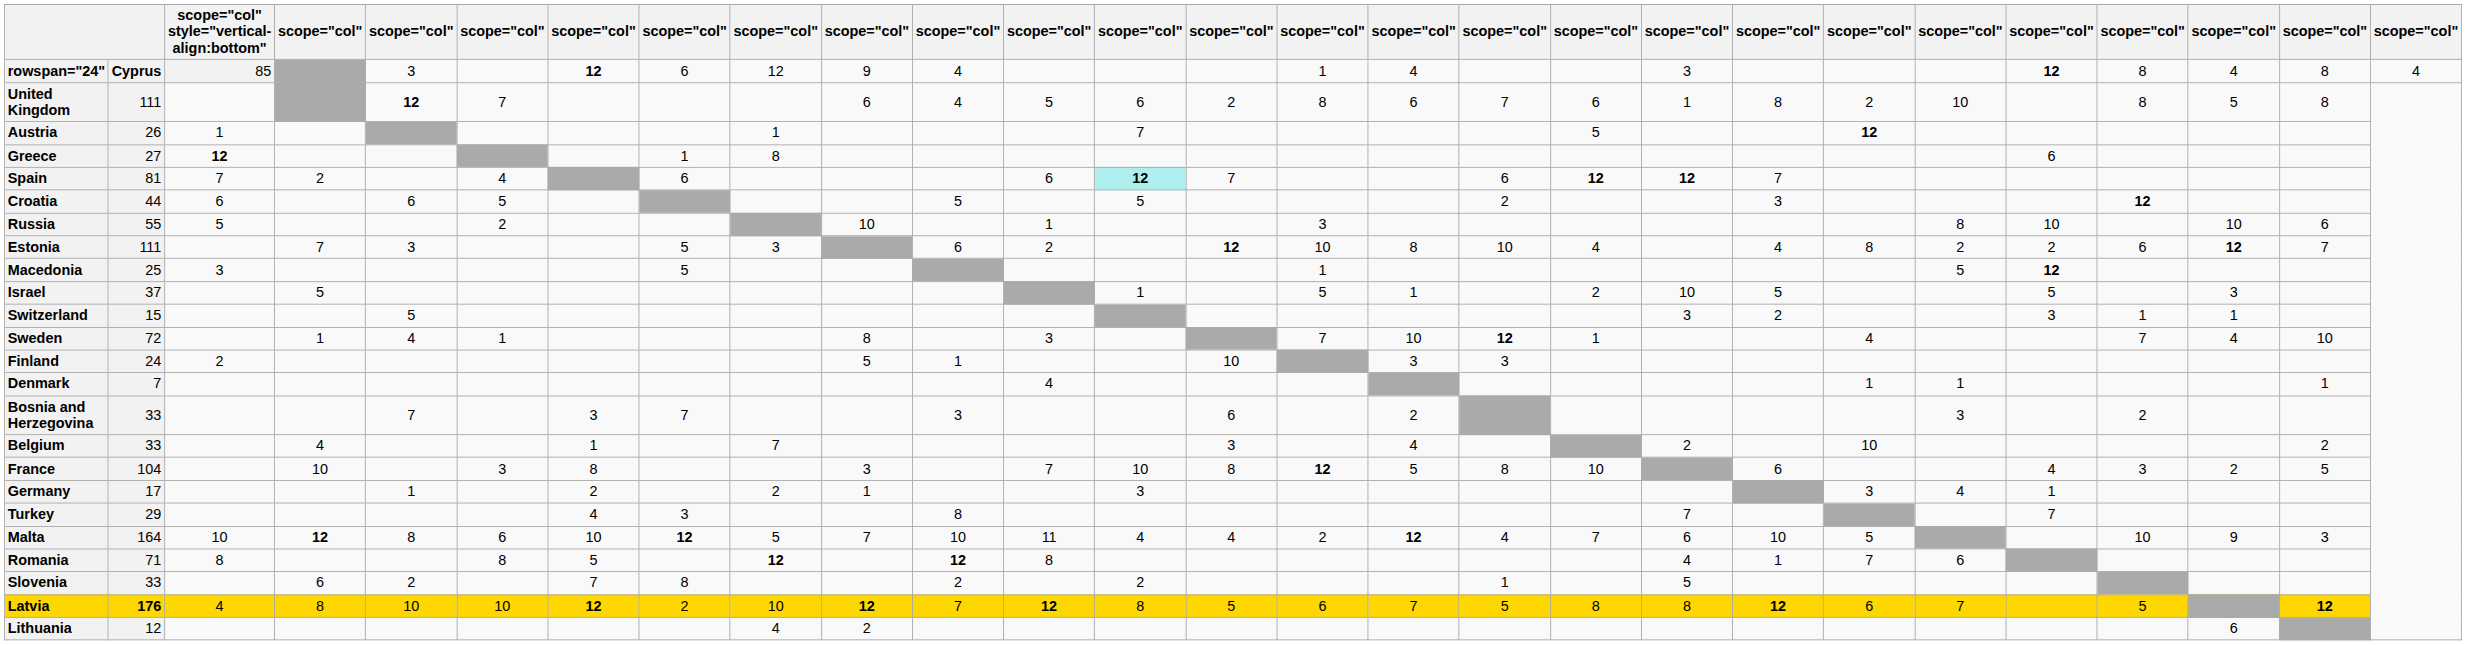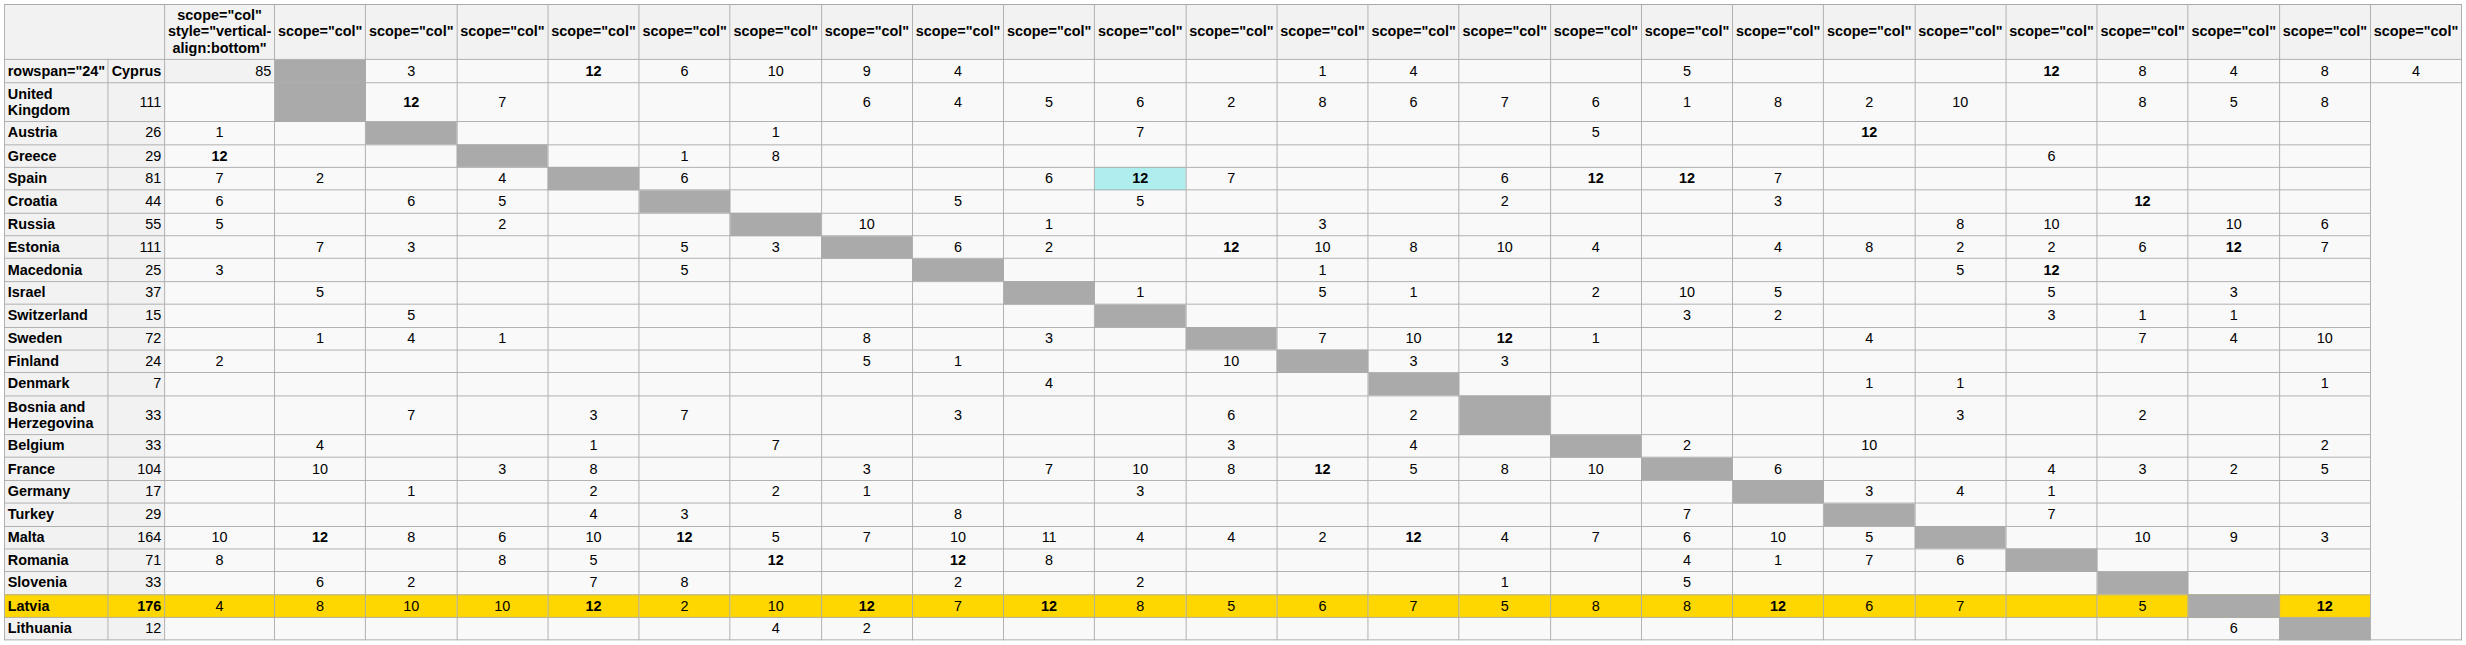 <table class="wikitable plainrowheaders" style="text-align:center;">
 <tr>
 </tr>
 <tr>
 <th colspan="2"></th>
 <th>scope="col" style="vertical-align:bottom" </th>
 <th>scope="col" </th>
 <th>scope="col" </th>
 <th>scope="col" </th>
 <th>scope="col" </th>
 <th>scope="col" </th>
 <th>scope="col" </th>
 <th>scope="col" </th>
 <th>scope="col" </th>
 <th>scope="col" </th>
 <th>scope="col" </th>
 <th>scope="col" </th>
 <th>scope="col" </th>
 <th>scope="col" </th>
 <th>scope="col" </th>
 <th>scope="col" </th>
 <th>scope="col" </th>
 <th>scope="col" </th>
 <th>scope="col" </th>
 <th>scope="col" </th>
 <th>scope="col" </th>
 <th>scope="col" </th>
 <th>scope="col" </th>
 <th>scope="col" </th>
 <th>scope="col" </th>
 </tr>
 <tr>
 <th>rowspan="24" </th>
 <th scope="row" style="text-align:left; background:#f2f2f2;">Cyprus</th>
 <td style="text-align:right; background:#f2f2f2;">85</td>
 <td style="text-align:left; background:#aaa;"></td>
 <td>3</td>
 <td></td>
 <td><strong>12</strong></td>
 <td>6</td>
-<td>12</td>
+<td>10</td>
 <td>9</td>
 <td>4</td>
 <td></td>
 <td></td>
 <td></td>
 <td>1</td>
 <td>4</td>
 <td></td>
 <td></td>
-<td>3</td>
+<td>5</td>
 <td></td>
 <td></td>
 <td></td>
 <td><strong>12</strong></td>
 <td>8</td>
 <td>4</td>
 <td>8</td>
 <td>4</td>
 </tr>
 <tr>
 <th scope="row" style="text-align:left; background:#f2f2f2;">United Kingdom</th>
 <td style="text-align:right; background:#f2f2f2;">111</td>
 <td></td>
 <td style="text-align:left; background:#aaa;"></td>
 <td><strong>12</strong></td>
 <td>7</td>
 <td></td>
 <td></td>
 <td></td>
 <td>6</td>
 <td>4</td>
 <td>5</td>
 <td>6</td>
 <td>2</td>
 <td>8</td>
 <td>6</td>
 <td>7</td>
 <td>6</td>
 <td>1</td>
 <td>8</td>
 <td>2</td>
 <td>10</td>
 <td></td>
 <td>8</td>
 <td>5</td>
 <td>8</td>
 </tr>
 <tr>
 <th scope="row" style="text-align:left; background:#f2f2f2;">Austria</th>
 <td style="text-align:right; background:#f2f2f2;">26</td>
 <td>1</td>
 <td></td>
 <td style="text-align:left; background:#aaa;"></td>
 <td></td>
 <td></td>
 <td></td>
 <td>1</td>
 <td></td>
 <td></td>
 <td></td>
 <td>7</td>
 <td></td>
 <td></td>
 <td></td>
 <td></td>
 <td>5</td>
 <td></td>
 <td></td>
 <td><strong>12</strong></td>
 <td></td>
 <td></td>
 <td></td>
 <td></td>
 <td></td>
 </tr>
 <tr>
 <th scope="row" style="text-align:left; background:#f2f2f2;">Greece</th>
-<td style="text-align:right; background:#f2f2f2;">27</td>
+<td style="text-align:right; background:#f2f2f2;">29</td>
 <td><strong>12</strong></td>
 <td></td>
 <td></td>
 <td style="text-align:left; background:#aaa;"></td>
 <td></td>
 <td>1</td>
 <td>8</td>
 <td></td>
 <td></td>
 <td></td>
 <td></td>
 <td></td>
 <td></td>
 <td></td>
 <td></td>
 <td></td>
 <td></td>
 <td></td>
 <td></td>
 <td></td>
 <td>6</td>
 <td></td>
 <td></td>
 <td></td>
 </tr>
 <tr>
 <th scope="row" style="text-align:left; background:#f2f2f2;">Spain</th>
 <td style="text-align:right; background:#f2f2f2;">81</td>
 <td>7</td>
 <td>2</td>
 <td></td>
 <td>4</td>
 <td style="text-align:left; background:#aaa;"></td>
 <td>6</td>
 <td></td>
 <td></td>
 <td></td>
 <td>6</td>
 <td style="background: paleturquoise;"><strong>12</strong></td>
 <td>7</td>
 <td></td>
 <td></td>
 <td>6</td>
 <td><strong>12</strong></td>
 <td><strong>12</strong></td>
 <td>7</td>
 <td></td>
 <td></td>
 <td></td>
 <td></td>
 <td></td>
 <td></td>
 </tr>
 <tr>
 <th scope="row" style="text-align:left; background:#f2f2f2;">Croatia</th>
 <td style="text-align:right; background:#f2f2f2;">44</td>
 <td>6</td>
 <td></td>
 <td>6</td>
 <td>5</td>
 <td></td>
 <td style="text-align:left; background:#aaa;"></td>
 <td></td>
 <td></td>
 <td>5</td>
 <td></td>
 <td>5</td>
 <td></td>
 <td></td>
 <td></td>
 <td>2</td>
 <td></td>
 <td></td>
 <td>3</td>
 <td></td>
 <td></td>
 <td></td>
 <td><strong>12</strong></td>
 <td></td>
 <td></td>
 </tr>
 <tr>
 <th scope="row" style="text-align:left; background:#f2f2f2;">Russia</th>
 <td style="text-align:right; background:#f2f2f2;">55</td>
 <td>5</td>
 <td></td>
 <td></td>
 <td>2</td>
 <td></td>
 <td></td>
 <td style="text-align:left; background:#aaa;"></td>
 <td>10</td>
 <td></td>
 <td>1</td>
 <td></td>
 <td></td>
 <td>3</td>
 <td></td>
 <td></td>
 <td></td>
 <td></td>
 <td></td>
 <td></td>
 <td>8</td>
 <td>10</td>
 <td></td>
 <td>10</td>
 <td>6</td>
 </tr>
 <tr>
 <th scope="row" style="text-align:left; background:#f2f2f2;">Estonia</th>
 <td style="text-align:right; background:#f2f2f2;">111</td>
 <td></td>
 <td>7</td>
 <td>3</td>
 <td></td>
 <td></td>
 <td>5</td>
 <td>3</td>
 <td style="text-align:left; background:#aaa;"></td>
 <td>6</td>
 <td>2</td>
 <td></td>
 <td><strong>12</strong></td>
 <td>10</td>
 <td>8</td>
 <td>10</td>
 <td>4</td>
 <td></td>
 <td>4</td>
 <td>8</td>
 <td>2</td>
 <td>2</td>
 <td>6</td>
 <td><strong>12</strong></td>
 <td>7</td>
 </tr>
 <tr>
 <th scope="row" style="text-align:left; background:#f2f2f2;">Macedonia</th>
 <td style="text-align:right; background:#f2f2f2;">25</td>
 <td>3</td>
 <td></td>
 <td></td>
 <td></td>
 <td></td>
 <td>5</td>
 <td></td>
 <td></td>
 <td style="text-align:left; background:#aaa;"></td>
 <td></td>
 <td></td>
 <td></td>
 <td>1</td>
 <td></td>
 <td></td>
 <td></td>
 <td></td>
 <td></td>
 <td></td>
 <td>5</td>
 <td><strong>12</strong></td>
 <td></td>
 <td></td>
 <td></td>
 </tr>
 <tr>
 <th scope="row" style="text-align:left; background:#f2f2f2;">Israel</th>
 <td style="text-align:right; background:#f2f2f2;">37</td>
 <td></td>
 <td>5</td>
 <td></td>
 <td></td>
 <td></td>
 <td></td>
 <td></td>
 <td></td>
 <td></td>
 <td style="text-align:left; background:#aaa;"></td>
 <td>1</td>
 <td></td>
 <td>5</td>
 <td>1</td>
 <td></td>
 <td>2</td>
 <td>10</td>
 <td>5</td>
 <td></td>
 <td></td>
 <td>5</td>
 <td></td>
 <td>3</td>
 <td></td>
 </tr>
 <tr>
 <th scope="row" style="text-align:left; background:#f2f2f2;">Switzerland</th>
 <td style="text-align:right; background:#f2f2f2;">15</td>
 <td></td>
 <td></td>
 <td>5</td>
 <td></td>
 <td></td>
 <td></td>
 <td></td>
 <td></td>
 <td></td>
 <td></td>
 <td style="text-align:left; background:#aaa;"></td>
 <td></td>
 <td></td>
 <td></td>
 <td></td>
 <td></td>
 <td>3</td>
 <td>2</td>
 <td></td>
 <td></td>
 <td>3</td>
 <td>1</td>
 <td>1</td>
 <td></td>
 </tr>
 <tr>
 <th scope="row" style="text-align:left; background:#f2f2f2;">Sweden</th>
 <td style="text-align:right; background:#f2f2f2;">72</td>
 <td></td>
 <td>1</td>
 <td>4</td>
 <td>1</td>
 <td></td>
 <td></td>
 <td></td>
 <td>8</td>
 <td></td>
 <td>3</td>
 <td></td>
 <td style="text-align:left; background:#aaa;"></td>
 <td>7</td>
 <td>10</td>
 <td><strong>12</strong></td>
 <td>1</td>
 <td></td>
 <td></td>
 <td>4</td>
 <td></td>
 <td></td>
 <td>7</td>
 <td>4</td>
 <td>10</td>
 </tr>
 <tr>
 <th scope="row" style="text-align:left; background:#f2f2f2;">Finland</th>
 <td style="text-align:right; background:#f2f2f2;">24</td>
 <td>2</td>
 <td></td>
 <td></td>
 <td></td>
 <td></td>
 <td></td>
 <td></td>
 <td>5</td>
 <td>1</td>
 <td></td>
 <td></td>
 <td>10</td>
 <td style="text-align:left; background:#aaa;"></td>
 <td>3</td>
 <td>3</td>
 <td></td>
 <td></td>
 <td></td>
 <td></td>
 <td></td>
 <td></td>
 <td></td>
 <td></td>
 <td></td>
 </tr>
 <tr>
 <th scope="row" style="text-align:left; background:#f2f2f2;">Denmark</th>
 <td style="text-align:right; background:#f2f2f2;">7</td>
 <td></td>
 <td></td>
 <td></td>
 <td></td>
 <td></td>
 <td></td>
 <td></td>
 <td></td>
 <td></td>
 <td>4</td>
 <td></td>
 <td></td>
 <td></td>
 <td style="text-align:left; background:#aaa;"></td>
 <td></td>
 <td></td>
 <td></td>
 <td></td>
 <td>1</td>
 <td>1</td>
 <td></td>
 <td></td>
 <td></td>
 <td>1</td>
 </tr>
 <tr>
 <th scope="row" style="text-align:left; background:#f2f2f2;">Bosnia and Herzegovina</th>
 <td style="text-align:right; background:#f2f2f2;">33</td>
 <td></td>
 <td></td>
 <td>7</td>
 <td></td>
 <td>3</td>
 <td>7</td>
 <td></td>
 <td></td>
 <td>3</td>
 <td></td>
 <td></td>
 <td>6</td>
 <td></td>
 <td>2</td>
 <td style="text-align:left; background:#aaa;"></td>
 <td></td>
 <td></td>
 <td></td>
 <td></td>
 <td>3</td>
 <td></td>
 <td>2</td>
 <td></td>
 <td></td>
 </tr>
 <tr>
 <th scope="row" style="text-align:left; background:#f2f2f2;">Belgium</th>
 <td style="text-align:right; background:#f2f2f2;">33</td>
 <td></td>
 <td>4</td>
 <td></td>
 <td></td>
 <td>1</td>
 <td></td>
 <td>7</td>
 <td></td>
 <td></td>
 <td></td>
 <td></td>
 <td>3</td>
 <td></td>
 <td>4</td>
 <td></td>
 <td style="text-align:left; background:#aaa;"></td>
 <td>2</td>
 <td></td>
 <td>10</td>
 <td></td>
 <td></td>
 <td></td>
 <td></td>
 <td>2</td>
 </tr>
 <tr>
 <th scope="row" style="text-align:left; background:#f2f2f2;">France</th>
 <td style="text-align:right; background:#f2f2f2;">104</td>
 <td></td>
 <td>10</td>
 <td></td>
 <td>3</td>
 <td>8</td>
 <td></td>
 <td></td>
 <td>3</td>
 <td></td>
 <td>7</td>
 <td>10</td>
 <td>8</td>
 <td><strong>12</strong></td>
 <td>5</td>
 <td>8</td>
 <td>10</td>
 <td style="text-align:left; background:#aaa;"></td>
 <td>6</td>
 <td></td>
 <td></td>
 <td>4</td>
 <td>3</td>
 <td>2</td>
 <td>5</td>
 </tr>
 <tr>
 <th scope="row" style="text-align:left; background:#f2f2f2;">Germany</th>
 <td style="text-align:right; background:#f2f2f2;">17</td>
 <td></td>
 <td></td>
 <td>1</td>
 <td></td>
 <td>2</td>
 <td></td>
 <td>2</td>
 <td>1</td>
 <td></td>
 <td></td>
 <td>3</td>
 <td></td>
 <td></td>
 <td></td>
 <td></td>
 <td></td>
 <td></td>
 <td style="text-align:left; background:#aaa;"></td>
 <td>3</td>
 <td>4</td>
 <td>1</td>
 <td></td>
 <td></td>
 <td></td>
 </tr>
 <tr>
 <th scope="row" style="text-align:left; background:#f2f2f2;">Turkey</th>
 <td style="text-align:right; background:#f2f2f2;">29</td>
 <td></td>
 <td></td>
 <td></td>
 <td></td>
 <td>4</td>
 <td>3</td>
 <td></td>
 <td></td>
 <td>8</td>
 <td></td>
 <td></td>
 <td></td>
 <td></td>
 <td></td>
 <td></td>
 <td></td>
 <td>7</td>
 <td></td>
 <td style="text-align:left; background:#aaa;"></td>
 <td></td>
 <td>7</td>
 <td></td>
 <td></td>
 <td></td>
 </tr>
 <tr>
 <th scope="row" style="text-align:left; background:#f2f2f2;">Malta</th>
 <td style="text-align:right; background:#f2f2f2;">164</td>
 <td>10</td>
 <td><strong>12</strong></td>
 <td>8</td>
 <td>6</td>
 <td>10</td>
 <td><strong>12</strong></td>
 <td>5</td>
 <td>7</td>
 <td>10</td>
 <td>11</td>
 <td>4</td>
 <td>4</td>
 <td>2</td>
 <td><strong>12</strong></td>
 <td>4</td>
 <td>7</td>
 <td>6</td>
 <td>10</td>
 <td>5</td>
 <td style="text-align:left; background:#aaa;"></td>
 <td></td>
 <td>10</td>
 <td>9</td>
 <td>3</td>
 </tr>
 <tr>
 <th scope="row" style="text-align:left; background:#f2f2f2;">Romania</th>
 <td style="text-align:right; background:#f2f2f2;">71</td>
 <td>8</td>
 <td></td>
 <td></td>
 <td>8</td>
 <td>5</td>
 <td></td>
 <td><strong>12</strong></td>
 <td></td>
 <td><strong>12</strong></td>
 <td>8</td>
 <td></td>
 <td></td>
 <td></td>
 <td></td>
 <td></td>
 <td></td>
 <td>4</td>
 <td>1</td>
 <td>7</td>
 <td>6</td>
 <td style="text-align:left; background:#aaa;"></td>
 <td></td>
 <td></td>
 <td></td>
 </tr>
 <tr>
 <th scope="row" style="text-align:left; background:#f2f2f2;">Slovenia</th>
 <td style="text-align:right; background:#f2f2f2;">33</td>
 <td></td>
 <td>6</td>
 <td>2</td>
 <td></td>
 <td>7</td>
 <td>8</td>
 <td></td>
 <td></td>
 <td>2</td>
 <td></td>
 <td>2</td>
 <td></td>
 <td></td>
 <td></td>
 <td>1</td>
 <td></td>
 <td>5</td>
 <td></td>
 <td></td>
 <td></td>
 <td></td>
 <td style="text-align:left; background:#aaa;"></td>
 <td></td>
 <td></td>
 </tr>
 <tr style="background:gold;">
 <th scope="row" style="text-align:left; font-weight:bold; background:gold;">Latvia</th>
 <td style="text-align:right; font-weight:bold;">176</td>
 <td>4</td>
 <td>8</td>
 <td>10</td>
 <td>10</td>
 <td><strong>12</strong></td>
 <td>2</td>
 <td>10</td>
 <td><strong>12</strong></td>
 <td>7</td>
 <td><strong>12</strong></td>
 <td>8</td>
 <td>5</td>
 <td>6</td>
 <td>7</td>
 <td>5</td>
 <td>8</td>
 <td>8</td>
 <td><strong>12</strong></td>
 <td>6</td>
 <td>7</td>
 <td></td>
 <td>5</td>
 <td style="text-align:left; background:#aaa;"></td>
 <td><strong>12</strong></td>
 </tr>
 <tr>
 <th scope="row" style="text-align:left; background:#f2f2f2;">Lithuania</th>
 <td style="text-align:right; background:#f2f2f2;">12</td>
 <td></td>
 <td></td>
 <td></td>
 <td></td>
 <td></td>
 <td></td>
 <td>4</td>
 <td>2</td>
 <td></td>
 <td></td>
 <td></td>
 <td></td>
 <td></td>
 <td></td>
 <td></td>
 <td></td>
 <td></td>
 <td></td>
 <td></td>
 <td></td>
 <td></td>
 <td></td>
 <td>6</td>
 <td style="text-align:left; background:#aaa;"></td>
 </tr>
 </table>
